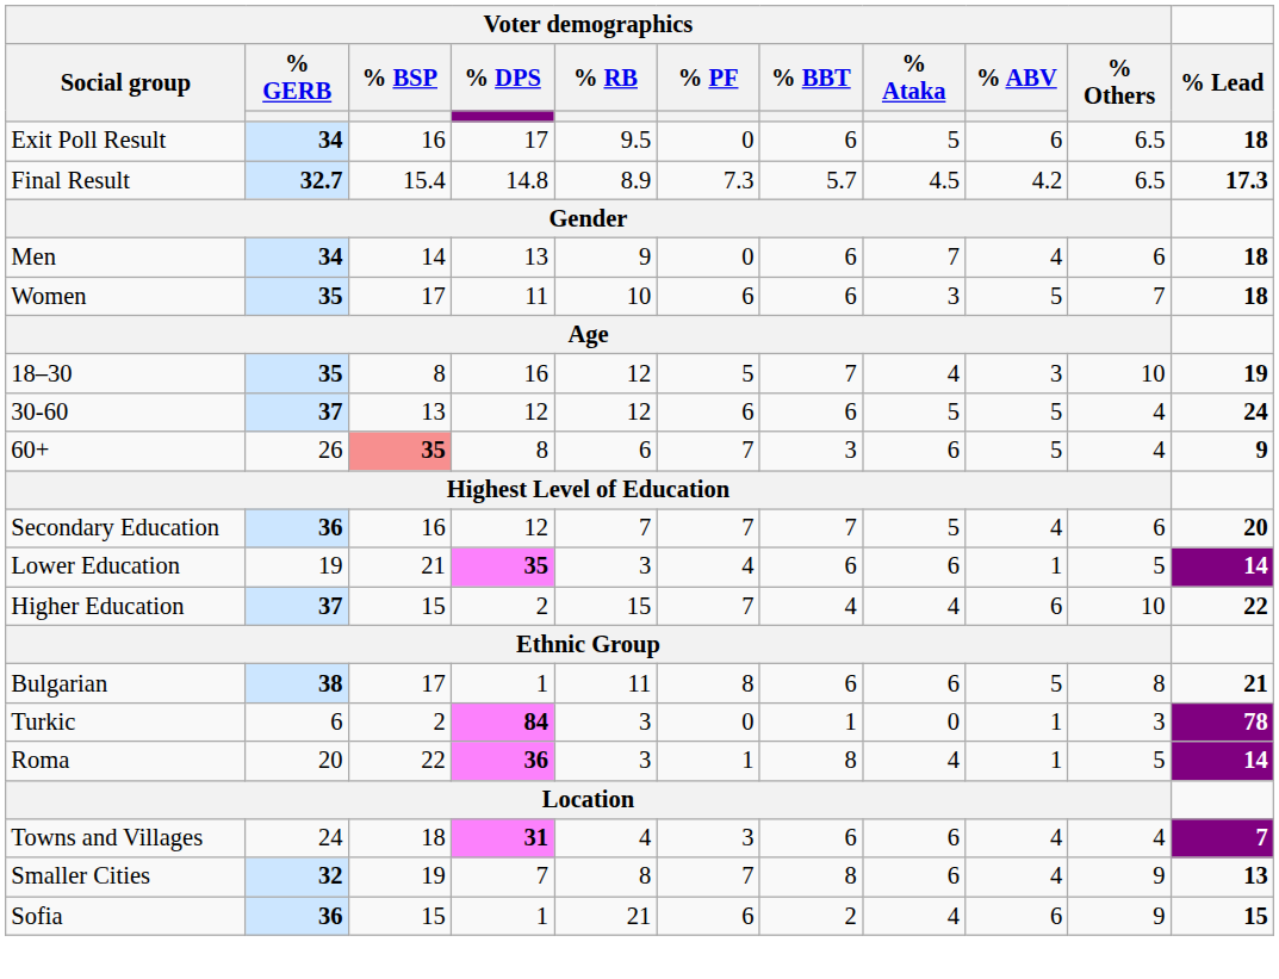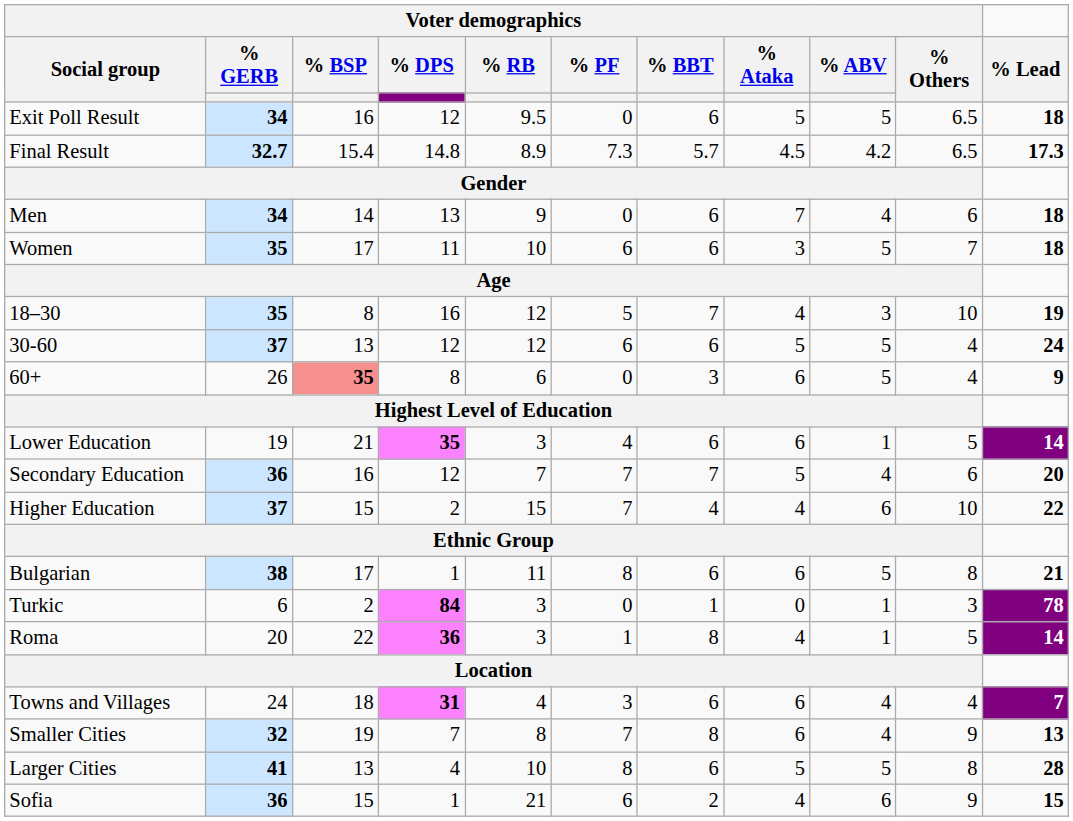 <table class=wikitable>
 <tr>
 <th colspan="10">Voter demographics</th>
 </tr>
 <tr>
 <th style="width:150px;" rowspan="2">Social group</th>
 <th style="width:60px;" class="unsortable">% <a href='#'>GERB</a></th>
 <th style="width:60px;" class="unsortable">% <a href='#'>BSP</a></th>
 <th style="width:60px;" class="unsortable">% <a href='#'>DPS</a></th>
 <th style="width:60px;" class="unsortable">% <a href='#'>RB</a></th>
 <th style="width:60px;" class="unsortable">% <a href='#'>PF</a></th>
 <th style="width:60px;" class="unsortable">% <a href='#'>BBT</a></th>
 <th style="width:60px;" class="unsortable">% <a href='#'>Ataka</a></th>
 <th style="width:60px;" class="unsortable">% <a href='#'>ABV</a></th>
 <th style="width:60px;" rowspan="2" class="unsortable">% Others</th>
 <th style="width:60px;" rowspan="2" class="unsortable">% Lead</th>
 </tr>
 <tr>
 <th class="unsortable" style="color:inherit;background:"></th>
 <th class="unsortable" style="color:inherit;background:"></th>
 <th class="unsortable" style="color:inherit;background:#800080;  width:60px;"></th>
 <th class="unsortable" style="color:inherit;background:"></th>
 <th class="unsortable" style="color:inherit;background:"></th>
 <th class="unsortable" style="color:inherit;background:"></th>
 <th class="unsortable" style="color:inherit;background:"></th>
 <th class="unsortable" style="color:inherit;background:"></th>
 </tr>
 <tr>
 <td>Exit Poll Result</td>
 <td style="text-align:right; background:#CCE6FF;"><strong>34</strong></td>
 <td style="text-align:right;">16</td>
-<td style="text-align:right;">17</td>
+<td style="text-align:right;">12</td>
 <td style="text-align:right;">9.5</td>
 <td style="text-align:right;">0</td>
 <td style="text-align:right;">6</td>
 <td style="text-align:right;">5</td>
-<td style="text-align:right;">6</td>
+<td style="text-align:right;">5</td>
 <td style="text-align:right;">6.5</td>
 <td style="text-align:right; background:"><strong>18</strong></td>
 </tr>
 <tr>
 <td>Final Result</td>
 <td style="text-align:right; background:#CCE6FF;"><strong>32.7</strong></td>
 <td style="text-align:right;">15.4</td>
 <td style="text-align:right;">14.8</td>
 <td style="text-align:right;">8.9</td>
 <td style="text-align:right;">7.3</td>
 <td style="text-align:right;">5.7</td>
 <td style="text-align:right;">4.5</td>
 <td style="text-align:right;">4.2</td>
 <td style="text-align:right;">6.5</td>
 <td style="text-align:right; background:"><strong>17.3</strong></td>
 </tr>
 <tr>
 <th colspan=10>Gender</th>
 </tr>
 <tr>
 <td>Men</td>
 <td style="text-align:right; background:#CCE6FF;"><strong>34</strong></td>
 <td style="text-align:right;">14</td>
 <td style="text-align:right;">13</td>
 <td style="text-align:right;">9</td>
 <td style="text-align:right;">0</td>
 <td style="text-align:right;">6</td>
 <td style="text-align:right;">7</td>
 <td style="text-align:right;">4</td>
 <td style="text-align:right;">6</td>
 <td style="text-align:right; background:"><strong>18</strong></td>
 </tr>
 <tr>
 <td>Women</td>
 <td style="text-align:right; background:#CCE6FF;"><strong>35</strong></td>
 <td style="text-align:right;">17</td>
 <td style="text-align:right;">11</td>
 <td style="text-align:right;">10</td>
 <td style="text-align:right;">6</td>
 <td style="text-align:right;">6</td>
 <td style="text-align:right;">3</td>
 <td style="text-align:right;">5</td>
 <td style="text-align:right;">7</td>
 <td style="text-align:right; background:"><strong>18</strong></td>
 </tr>
 <tr>
 <th colspan=10>Age</th>
 </tr>
 <tr>
 <td>18–30</td>
 <td style="text-align:right; background:#CCE6FF;"><strong>35</strong></td>
 <td style="text-align:right;">8</td>
 <td style="text-align:right;">16</td>
 <td style="text-align:right;">12</td>
 <td style="text-align:right;">5</td>
 <td style="text-align:right;">7</td>
 <td style="text-align:right;">4</td>
 <td style="text-align:right;">3</td>
 <td style="text-align:right;">10</td>
 <td style="text-align:right; background:"><strong>19</strong></td>
 </tr>
 <tr>
 <td>30-60</td>
 <td style="text-align:right; background:#CCE6FF;"><strong>37</strong></td>
 <td style="text-align:right;">13</td>
 <td style="text-align:right;">12</td>
 <td style="text-align:right;">12</td>
 <td style="text-align:right;">6</td>
 <td style="text-align:right;">6</td>
 <td style="text-align:right;">5</td>
 <td style="text-align:right;">5</td>
 <td style="text-align:right;">4</td>
 <td style="text-align:right; background:"><strong>24</strong></td>
 </tr>
 <tr>
 <td>60+</td>
 <td style="text-align:right;">26</td>
 <td style="text-align:right; background:#F78F8F;"><strong>35</strong></td>
 <td style="text-align:right;">8</td>
 <td style="text-align:right;">6</td>
-<td style="text-align:right;">7</td>
+<td style="text-align:right;">0</td>
 <td style="text-align:right;">3</td>
 <td style="text-align:right;">6</td>
 <td style="text-align:right;">5</td>
 <td style="text-align:right;">4</td>
 <td style="text-align:right; background:"><strong>9</strong></td>
 </tr>
 <tr>
 <th colspan=10>Highest Level of Education</th>
+</tr>
+<tr>
+<td>Lower Education</td>
+<td style="text-align:right;">19</td>
+<td style="text-align:right;">21</td>
+<td style="text-align:right; background:#FC81FC"><strong>35</strong></td>
+<td style="text-align:right;">3</td>
+<td style="text-align:right;">4</td>
+<td style="text-align:right;">6</td>
+<td style="text-align:right;">6</td>
+<td style="text-align:right;">1</td>
+<td style="text-align:right;">5</td>
+<td style="text-align:right; background:#800080; color:white;"><strong>14</strong></td>
 </tr>
 <tr>
 <td>Secondary Education</td>
 <td style="text-align:right; background:#CCE6FF;"><strong>36</strong></td>
 <td style="text-align:right;">16</td>
 <td style="text-align:right;">12</td>
 <td style="text-align:right;">7</td>
 <td style="text-align:right;">7</td>
 <td style="text-align:right;">7</td>
 <td style="text-align:right;">5</td>
 <td style="text-align:right;">4</td>
 <td style="text-align:right;">6</td>
 <td style="text-align:right; background:"><strong>20</strong></td>
-</tr>
-<tr>
-<td>Lower Education</td>
-<td style="text-align:right;">19</td>
-<td style="text-align:right;">21</td>
-<td style="text-align:right; background:#FC81FC"><strong>35</strong></td>
-<td style="text-align:right;">3</td>
-<td style="text-align:right;">4</td>
-<td style="text-align:right;">6</td>
-<td style="text-align:right;">6</td>
-<td style="text-align:right;">1</td>
-<td style="text-align:right;">5</td>
-<td style="text-align:right; background:#800080; color:white;"><strong>14</strong></td>
 </tr>
 <tr>
 <td>Higher Education</td>
 <td style="text-align:right; background:#CCE6FF;"><strong>37</strong></td>
 <td style="text-align:right;">15</td>
 <td style="text-align:right;">2</td>
 <td style="text-align:right;">15</td>
 <td style="text-align:right;">7</td>
 <td style="text-align:right;">4</td>
 <td style="text-align:right;">4</td>
 <td style="text-align:right;">6</td>
 <td style="text-align:right;">10</td>
 <td style="text-align:right; background:"><strong>22</strong></td>
 </tr>
 <tr>
 <th colspan=10>Ethnic Group</th>
 </tr>
 <tr>
 <td>Bulgarian</td>
 <td style="text-align:right; background:#CCE6FF;"><strong>38</strong></td>
 <td style="text-align:right;">17</td>
 <td style="text-align:right;">1</td>
 <td style="text-align:right;">11</td>
 <td style="text-align:right;">8</td>
 <td style="text-align:right;">6</td>
 <td style="text-align:right;">6</td>
 <td style="text-align:right;">5</td>
 <td style="text-align:right;">8</td>
 <td style="text-align:right; background:"><strong>21</strong></td>
 </tr>
 <tr>
 <td>Turkic</td>
 <td style="text-align:right;">6</td>
 <td style="text-align:right;">2</td>
 <td style="text-align:right; background:#FC81FC"><strong>84</strong></td>
 <td style="text-align:right;">3</td>
 <td style="text-align:right;">0</td>
 <td style="text-align:right;">1</td>
 <td style="text-align:right;">0</td>
 <td style="text-align:right;">1</td>
 <td style="text-align:right;">3</td>
 <td style="text-align:right; background:#800080; color:white;"><strong>78</strong></td>
 </tr>
 <tr>
 <td>Roma</td>
 <td style="text-align:right;">20</td>
 <td style="text-align:right;">22</td>
 <td style="text-align:right; background:#FC81FC"><strong>36</strong></td>
 <td style="text-align:right;">3</td>
 <td style="text-align:right;">1</td>
 <td style="text-align:right;">8</td>
 <td style="text-align:right;">4</td>
 <td style="text-align:right;">1</td>
 <td style="text-align:right;">5</td>
 <td style="text-align:right; background:#800080; color:white;"><strong>14</strong></td>
 </tr>
 <tr>
 <th colspan=10>Location</th>
 </tr>
 <tr>
 <td>Towns and Villages</td>
 <td style="text-align:right;">24</td>
 <td style="text-align:right;">18</td>
 <td style="text-align:right; background:#FC81FC"><strong>31</strong></td>
 <td style="text-align:right;">4</td>
 <td style="text-align:right;">3</td>
 <td style="text-align:right;">6</td>
 <td style="text-align:right;">6</td>
 <td style="text-align:right;">4</td>
 <td style="text-align:right;">4</td>
 <td style="text-align:right; background:#800080; color:white;"><strong>7</strong></td>
 </tr>
 <tr>
 <td>Smaller Cities</td>
 <td style="text-align:right; background:#CCE6FF;"><strong>32</strong></td>
 <td style="text-align:right;">19</td>
 <td style="text-align:right;">7</td>
 <td style="text-align:right;">8</td>
 <td style="text-align:right;">7</td>
 <td style="text-align:right;">8</td>
 <td style="text-align:right;">6</td>
 <td style="text-align:right;">4</td>
 <td style="text-align:right;">9</td>
 <td style="text-align:right; background:"><strong>13</strong></td>
 </tr>
 <tr>
+<td>Larger Cities</td>
+<td style="text-align:right; background:#CCE6FF;"><strong>41</strong></td>
+<td style="text-align:right;">13</td>
+<td style="text-align:right;">4</td>
+<td style="text-align:right;">10</td>
+<td style="text-align:right;">8</td>
+<td style="text-align:right;">6</td>
+<td style="text-align:right;">5</td>
+<td style="text-align:right;">5</td>
+<td style="text-align:right;">8</td>
+<td style="text-align:right; background:"><strong>28</strong></td>
+</tr>
+<tr>
 <td>Sofia</td>
 <td style="text-align:right; background:#CCE6FF;"><strong>36</strong></td>
 <td style="text-align:right;">15</td>
 <td style="text-align:right;">1</td>
 <td style="text-align:right;">21</td>
 <td style="text-align:right;">6</td>
 <td style="text-align:right;">2</td>
 <td style="text-align:right;">4</td>
 <td style="text-align:right;">6</td>
 <td style="text-align:right;">9</td>
 <td style="text-align:right; background:"><strong>15</strong></td>
 </tr>
 </table>
